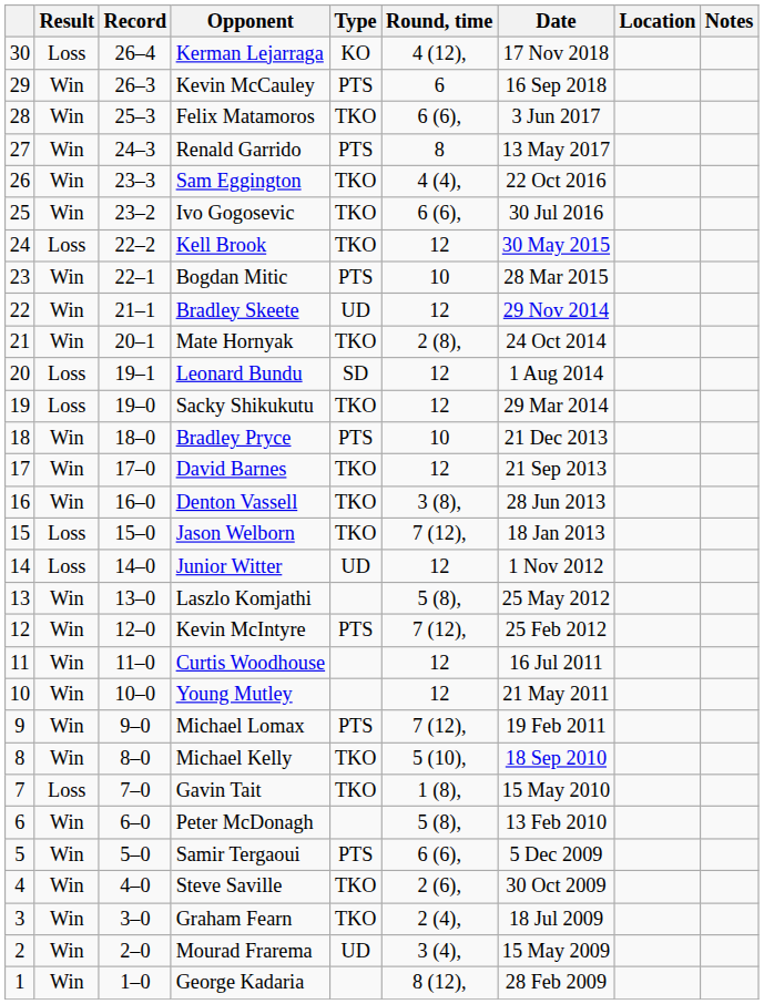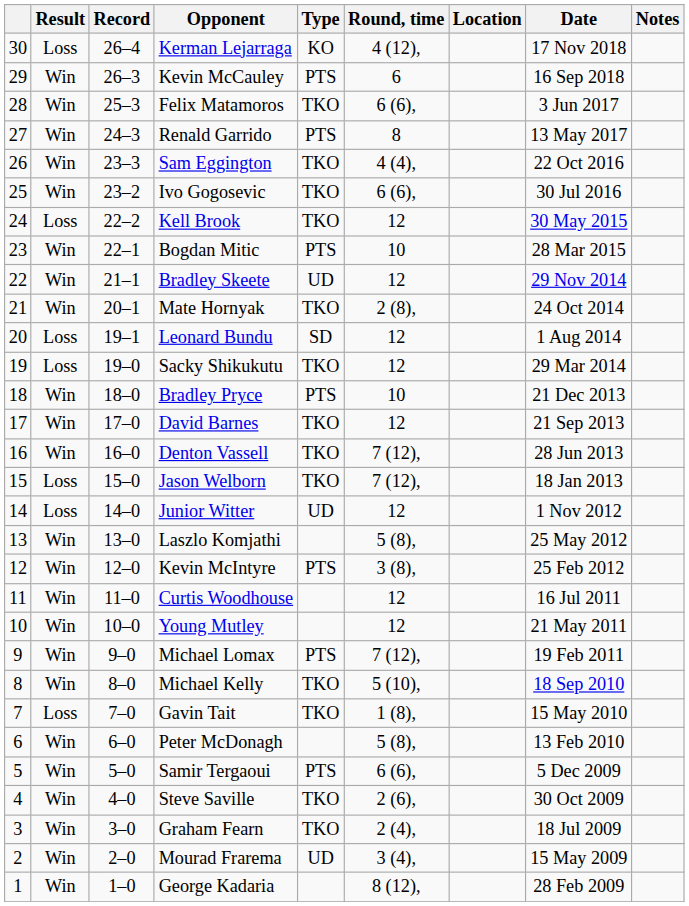 <table class="wikitable" style="text-align:center">
 <tr>
 <th></th>
 <th>Result</th>
 <th>Record</th>
 <th>Opponent</th>
 <th>Type</th>
 <th>Round, time</th>
+<th>Location</th>
 <th>Date</th>
-<th>Location</th>
 <th>Notes</th>
 </tr>
 <tr>
 <td>30</td>
 <td>Loss</td>
 <td>26–4</td>
 <td style="text-align:left;"><a href='#'>Kerman Lejarraga</a></td>
 <td>KO</td>
 <td>4 (12), </td>
+<td style="text-align:left;"></td>
 <td>17 Nov 2018</td>
-<td style="text-align:left;"></td>
 <td style="text-align:left;"></td>
 </tr>
 <tr>
 <td>29</td>
 <td>Win</td>
 <td>26–3</td>
 <td style="text-align:left;">Kevin McCauley</td>
 <td>PTS</td>
 <td>6</td>
+<td style="text-align:left;"></td>
 <td>16 Sep 2018</td>
-<td style="text-align:left;"></td>
 <td></td>
 </tr>
 <tr>
 <td>28</td>
 <td>Win</td>
 <td>25–3</td>
 <td style="text-align:left;">Felix Matamoros</td>
 <td>TKO</td>
 <td>6 (6), </td>
+<td style="text-align:left;"></td>
 <td>3 Jun 2017</td>
-<td style="text-align:left;"></td>
 <td></td>
 </tr>
 <tr>
 <td>27</td>
 <td>Win</td>
 <td>24–3</td>
 <td style="text-align:left;">Renald Garrido</td>
 <td>PTS</td>
 <td>8</td>
+<td style="text-align:left;"></td>
 <td>13 May 2017</td>
-<td style="text-align:left;"></td>
 <td></td>
 </tr>
 <tr>
 <td>26</td>
 <td>Win</td>
 <td>23–3</td>
 <td style="text-align:left;"><a href='#'>Sam Eggington</a></td>
 <td>TKO</td>
 <td>4 (4), </td>
+<td style="text-align:left;"></td>
 <td>22 Oct 2016</td>
-<td style="text-align:left;"></td>
 <td></td>
 </tr>
 <tr>
 <td>25</td>
 <td>Win</td>
 <td>23–2</td>
 <td style="text-align:left;">Ivo Gogosevic</td>
 <td>TKO</td>
 <td>6 (6), </td>
+<td style="text-align:left;"></td>
 <td>30 Jul 2016</td>
-<td style="text-align:left;"></td>
 <td></td>
 </tr>
 <tr>
 <td>24</td>
 <td>Loss</td>
 <td>22–2</td>
 <td style="text-align:left;"><a href='#'>Kell Brook</a></td>
 <td>TKO</td>
 <td>12</td>
+<td style="text-align:left;"></td>
 <td><a href='#'>30 May 2015</a></td>
-<td style="text-align:left;"></td>
 <td style="text-align:left;"></td>
 </tr>
 <tr>
 <td>23</td>
 <td>Win</td>
 <td>22–1</td>
 <td style="text-align:left;">Bogdan Mitic</td>
 <td>PTS</td>
 <td>10</td>
+<td style="text-align:left;"></td>
 <td>28 Mar 2015</td>
-<td style="text-align:left;"></td>
 <td></td>
 </tr>
 <tr>
 <td>22</td>
 <td>Win</td>
 <td>21–1</td>
 <td style="text-align:left;"><a href='#'>Bradley Skeete</a></td>
 <td>UD</td>
 <td>12</td>
+<td style="text-align:left;"></td>
 <td><a href='#'>29 Nov 2014</a></td>
-<td style="text-align:left;"></td>
 <td style="text-align:left;"></td>
 </tr>
 <tr>
 <td>21</td>
 <td>Win</td>
 <td>20–1</td>
 <td style="text-align:left;">Mate Hornyak</td>
 <td>TKO</td>
 <td>2 (8), </td>
+<td style="text-align:left;"></td>
 <td>24 Oct 2014</td>
-<td style="text-align:left;"></td>
 <td></td>
 </tr>
 <tr>
 <td>20</td>
 <td>Loss</td>
 <td>19–1</td>
 <td style="text-align:left;"><a href='#'>Leonard Bundu</a></td>
 <td>SD</td>
 <td>12</td>
+<td style="text-align:left;"></td>
 <td>1 Aug 2014</td>
-<td style="text-align:left;"></td>
 <td style="text-align:left;"></td>
 </tr>
 <tr>
 <td>19</td>
 <td>Loss</td>
 <td>19–0</td>
 <td style="text-align:left;">Sacky Shikukutu</td>
 <td>TKO</td>
 <td>12</td>
+<td style="text-align:left;"></td>
 <td>29 Mar 2014</td>
-<td style="text-align:left;"></td>
 <td style="text-align:left;"></td>
 </tr>
 <tr>
 <td>18</td>
 <td>Win</td>
 <td>18–0</td>
 <td style="text-align:left;"><a href='#'>Bradley Pryce</a></td>
 <td>PTS</td>
 <td>10</td>
+<td style="text-align:left;"></td>
 <td>21 Dec 2013</td>
-<td style="text-align:left;"></td>
 <td></td>
 </tr>
 <tr>
 <td>17</td>
 <td>Win</td>
 <td>17–0</td>
 <td style="text-align:left;"><a href='#'>David Barnes</a></td>
 <td>TKO</td>
 <td>12</td>
+<td style="text-align:left;"></td>
 <td>21 Sep 2013</td>
-<td style="text-align:left;"></td>
 <td style="text-align:left;"></td>
 </tr>
 <tr>
 <td>16</td>
 <td>Win</td>
 <td>16–0</td>
 <td style="text-align:left;"><a href='#'>Denton Vassell</a></td>
 <td>TKO</td>
-<td>3 (8), </td>
+<td>7 (12), </td>
+<td style="text-align:left;"></td>
 <td>28 Jun 2013</td>
-<td style="text-align:left;"></td>
 <td style="text-align:left;"></td>
 </tr>
 <tr>
 <td>15</td>
 <td>Loss</td>
 <td>15–0</td>
 <td style="text-align:left;"><a href='#'>Jason Welborn</a></td>
 <td>TKO</td>
 <td>7 (12), </td>
+<td style="text-align:left;"></td>
 <td>18 Jan 2013</td>
-<td style="text-align:left;"></td>
 <td style="text-align:left;"></td>
 </tr>
 <tr>
 <td>14</td>
 <td>Loss</td>
 <td>14–0</td>
 <td style="text-align:left;"><a href='#'>Junior Witter</a></td>
 <td>UD</td>
 <td>12</td>
+<td style="text-align:left;"></td>
 <td>1 Nov 2012</td>
-<td style="text-align:left;"></td>
 <td style="text-align:left;"></td>
 </tr>
 <tr>
 <td>13</td>
 <td>Win</td>
 <td>13–0</td>
 <td style="text-align:left;">Laszlo Komjathi</td>
 <td></td>
 <td>5 (8), </td>
+<td style="text-align:left;"></td>
 <td>25 May 2012</td>
-<td style="text-align:left;"></td>
 <td></td>
 </tr>
 <tr>
 <td>12</td>
 <td>Win</td>
 <td>12–0</td>
 <td style="text-align:left;">Kevin McIntyre</td>
 <td>PTS</td>
-<td>7 (12), </td>
+<td>3 (8), </td>
+<td style="text-align:left;"></td>
 <td>25 Feb 2012</td>
-<td style="text-align:left;"></td>
 <td></td>
 </tr>
 <tr>
 <td>11</td>
 <td>Win</td>
 <td>11–0</td>
 <td style="text-align:left;"><a href='#'>Curtis Woodhouse</a></td>
 <td></td>
 <td>12</td>
+<td style="text-align:left;"></td>
 <td>16 Jul 2011</td>
-<td style="text-align:left;"></td>
 <td style="text-align:left;"></td>
 </tr>
 <tr>
 <td>10</td>
 <td>Win</td>
 <td>10–0</td>
 <td style="text-align:left;"><a href='#'>Young Mutley</a></td>
 <td></td>
 <td>12</td>
+<td style="text-align:left;"></td>
 <td>21 May 2011</td>
-<td style="text-align:left;"></td>
 <td style="text-align:left;"></td>
 </tr>
 <tr>
 <td>9</td>
 <td>Win</td>
 <td>9–0</td>
 <td style="text-align:left;">Michael Lomax</td>
 <td>PTS</td>
 <td>7 (12), </td>
+<td style="text-align:left;"></td>
 <td>19 Feb 2011</td>
-<td style="text-align:left;"></td>
 <td></td>
 </tr>
 <tr>
 <td>8</td>
 <td>Win</td>
 <td>8–0</td>
 <td style="text-align:left;">Michael Kelly</td>
 <td>TKO</td>
 <td>5 (10), </td>
+<td style="text-align:left;"></td>
 <td><a href='#'>18 Sep 2010</a></td>
-<td style="text-align:left;"></td>
 <td style="text-align:left;"></td>
 </tr>
 <tr>
 <td>7</td>
 <td>Loss</td>
 <td>7–0</td>
 <td style="text-align:left;">Gavin Tait</td>
 <td>TKO</td>
 <td>1 (8), </td>
+<td style="text-align:left;"></td>
 <td>15 May 2010</td>
-<td style="text-align:left;"></td>
 <td></td>
 </tr>
 <tr>
 <td>6</td>
 <td>Win</td>
 <td>6–0</td>
 <td style="text-align:left;">Peter McDonagh</td>
 <td></td>
 <td>5 (8), </td>
+<td style="text-align:left;"></td>
 <td>13 Feb 2010</td>
-<td style="text-align:left;"></td>
 <td></td>
 </tr>
 <tr>
 <td>5</td>
 <td>Win</td>
 <td>5–0</td>
 <td style="text-align:left;">Samir Tergaoui</td>
 <td>PTS</td>
 <td>6 (6), </td>
+<td style="text-align:left;"></td>
 <td>5 Dec 2009</td>
-<td style="text-align:left;"></td>
 <td></td>
 </tr>
 <tr>
 <td>4</td>
 <td>Win</td>
 <td>4–0</td>
 <td style="text-align:left;">Steve Saville</td>
 <td>TKO</td>
 <td>2 (6), </td>
+<td style="text-align:left;"></td>
 <td>30 Oct 2009</td>
-<td style="text-align:left;"></td>
 <td></td>
 </tr>
 <tr>
 <td>3</td>
 <td>Win</td>
 <td>3–0</td>
 <td style="text-align:left;">Graham Fearn</td>
 <td>TKO</td>
 <td>2 (4), </td>
+<td style="text-align:left;"></td>
 <td>18 Jul 2009</td>
-<td style="text-align:left;"></td>
 <td></td>
 </tr>
 <tr>
 <td>2</td>
 <td>Win</td>
 <td>2–0</td>
 <td style="text-align:left;">Mourad Frarema</td>
 <td>UD</td>
 <td>3 (4), </td>
+<td style="text-align:left;"></td>
 <td>15 May 2009</td>
-<td style="text-align:left;"></td>
 <td></td>
 </tr>
 <tr>
 <td>1</td>
 <td>Win</td>
 <td>1–0</td>
 <td style="text-align:left;">George Kadaria</td>
 <td></td>
 <td>8 (12), </td>
+<td style="text-align:left;"></td>
 <td>28 Feb 2009</td>
-<td style="text-align:left;"></td>
 <td></td>
 </tr>
 </table>
